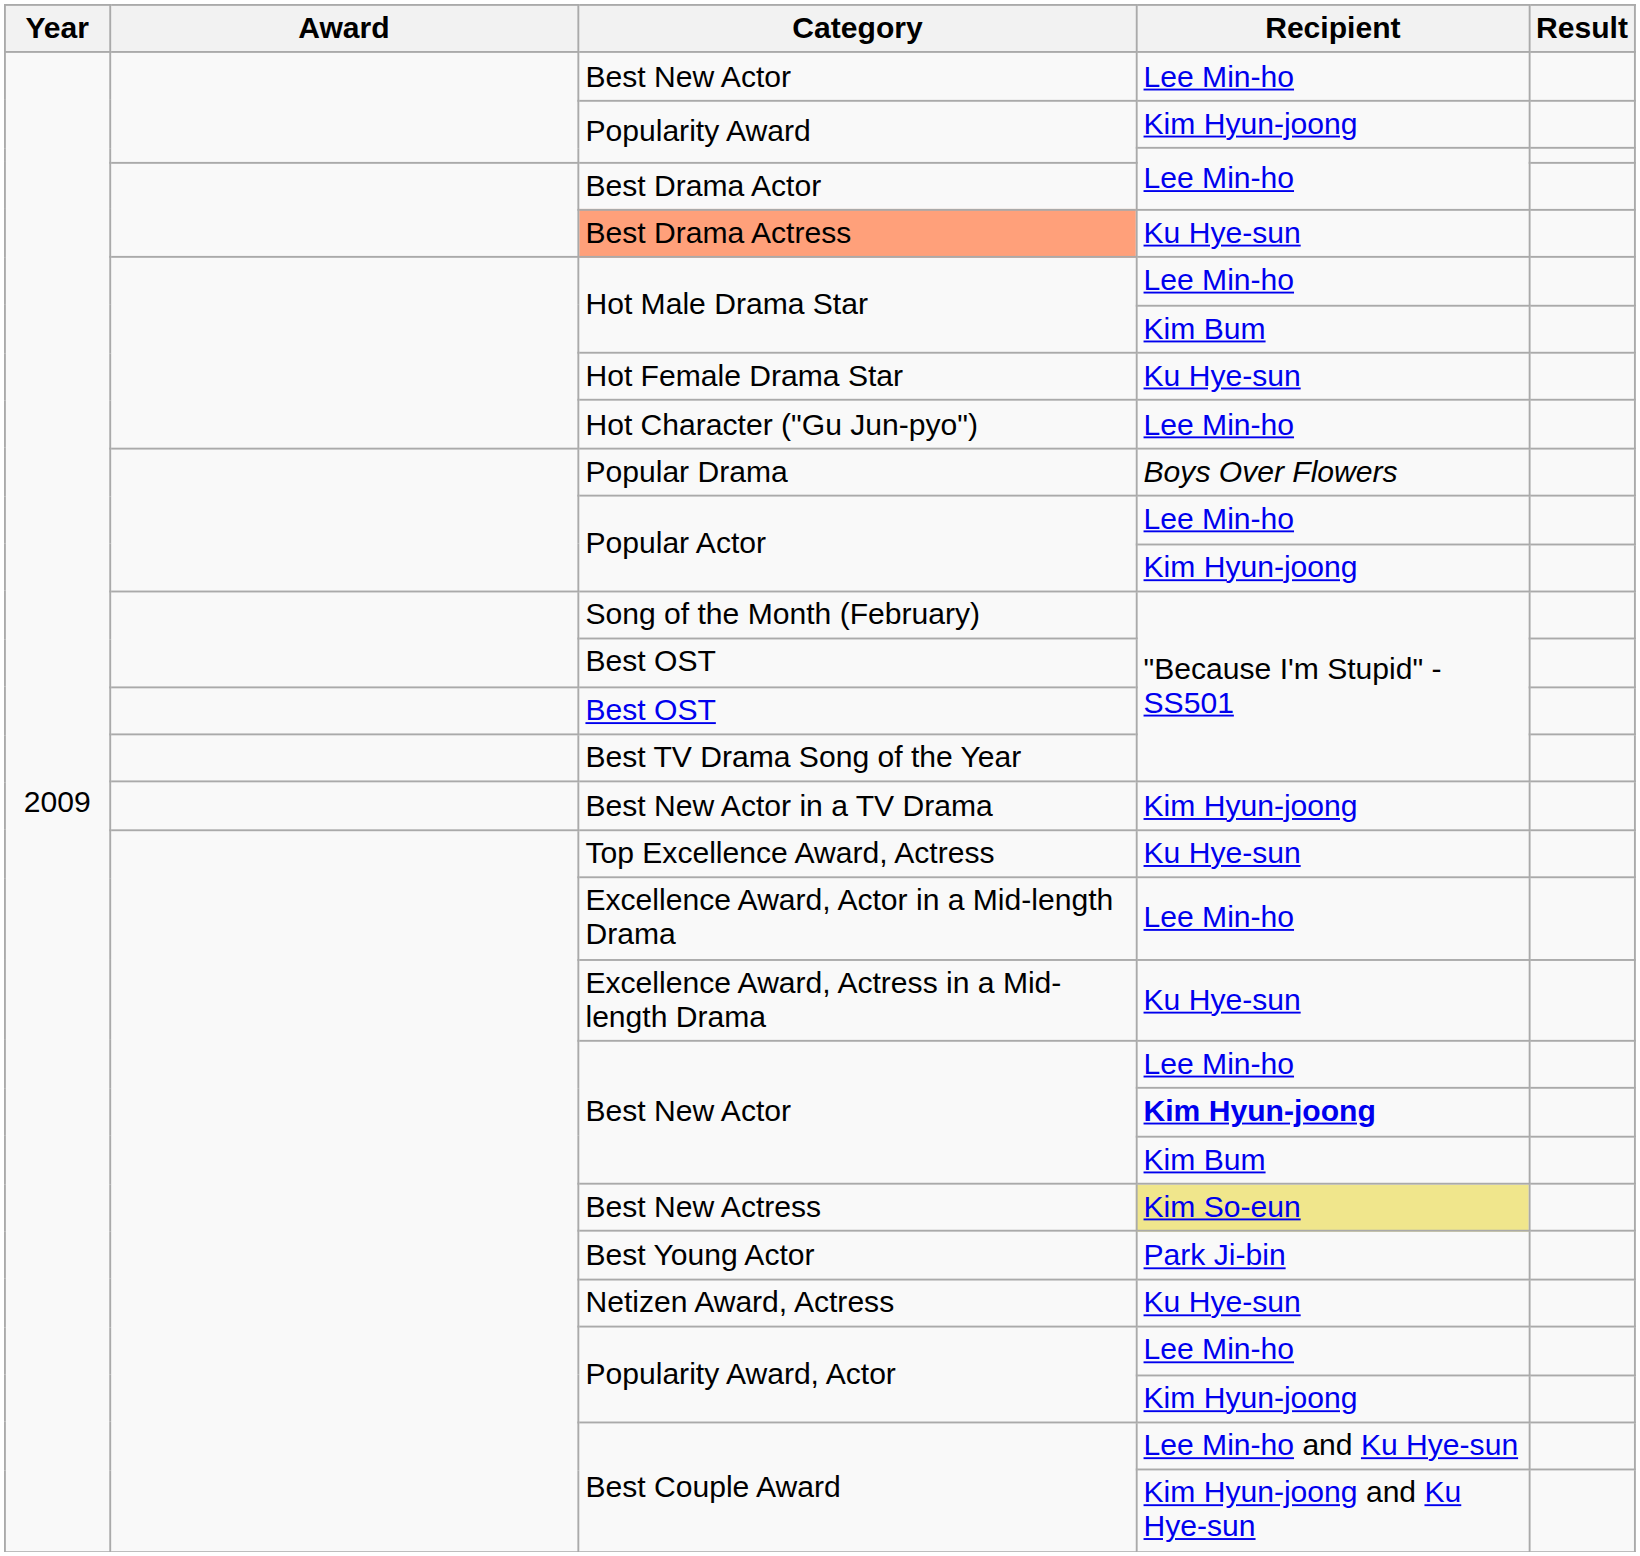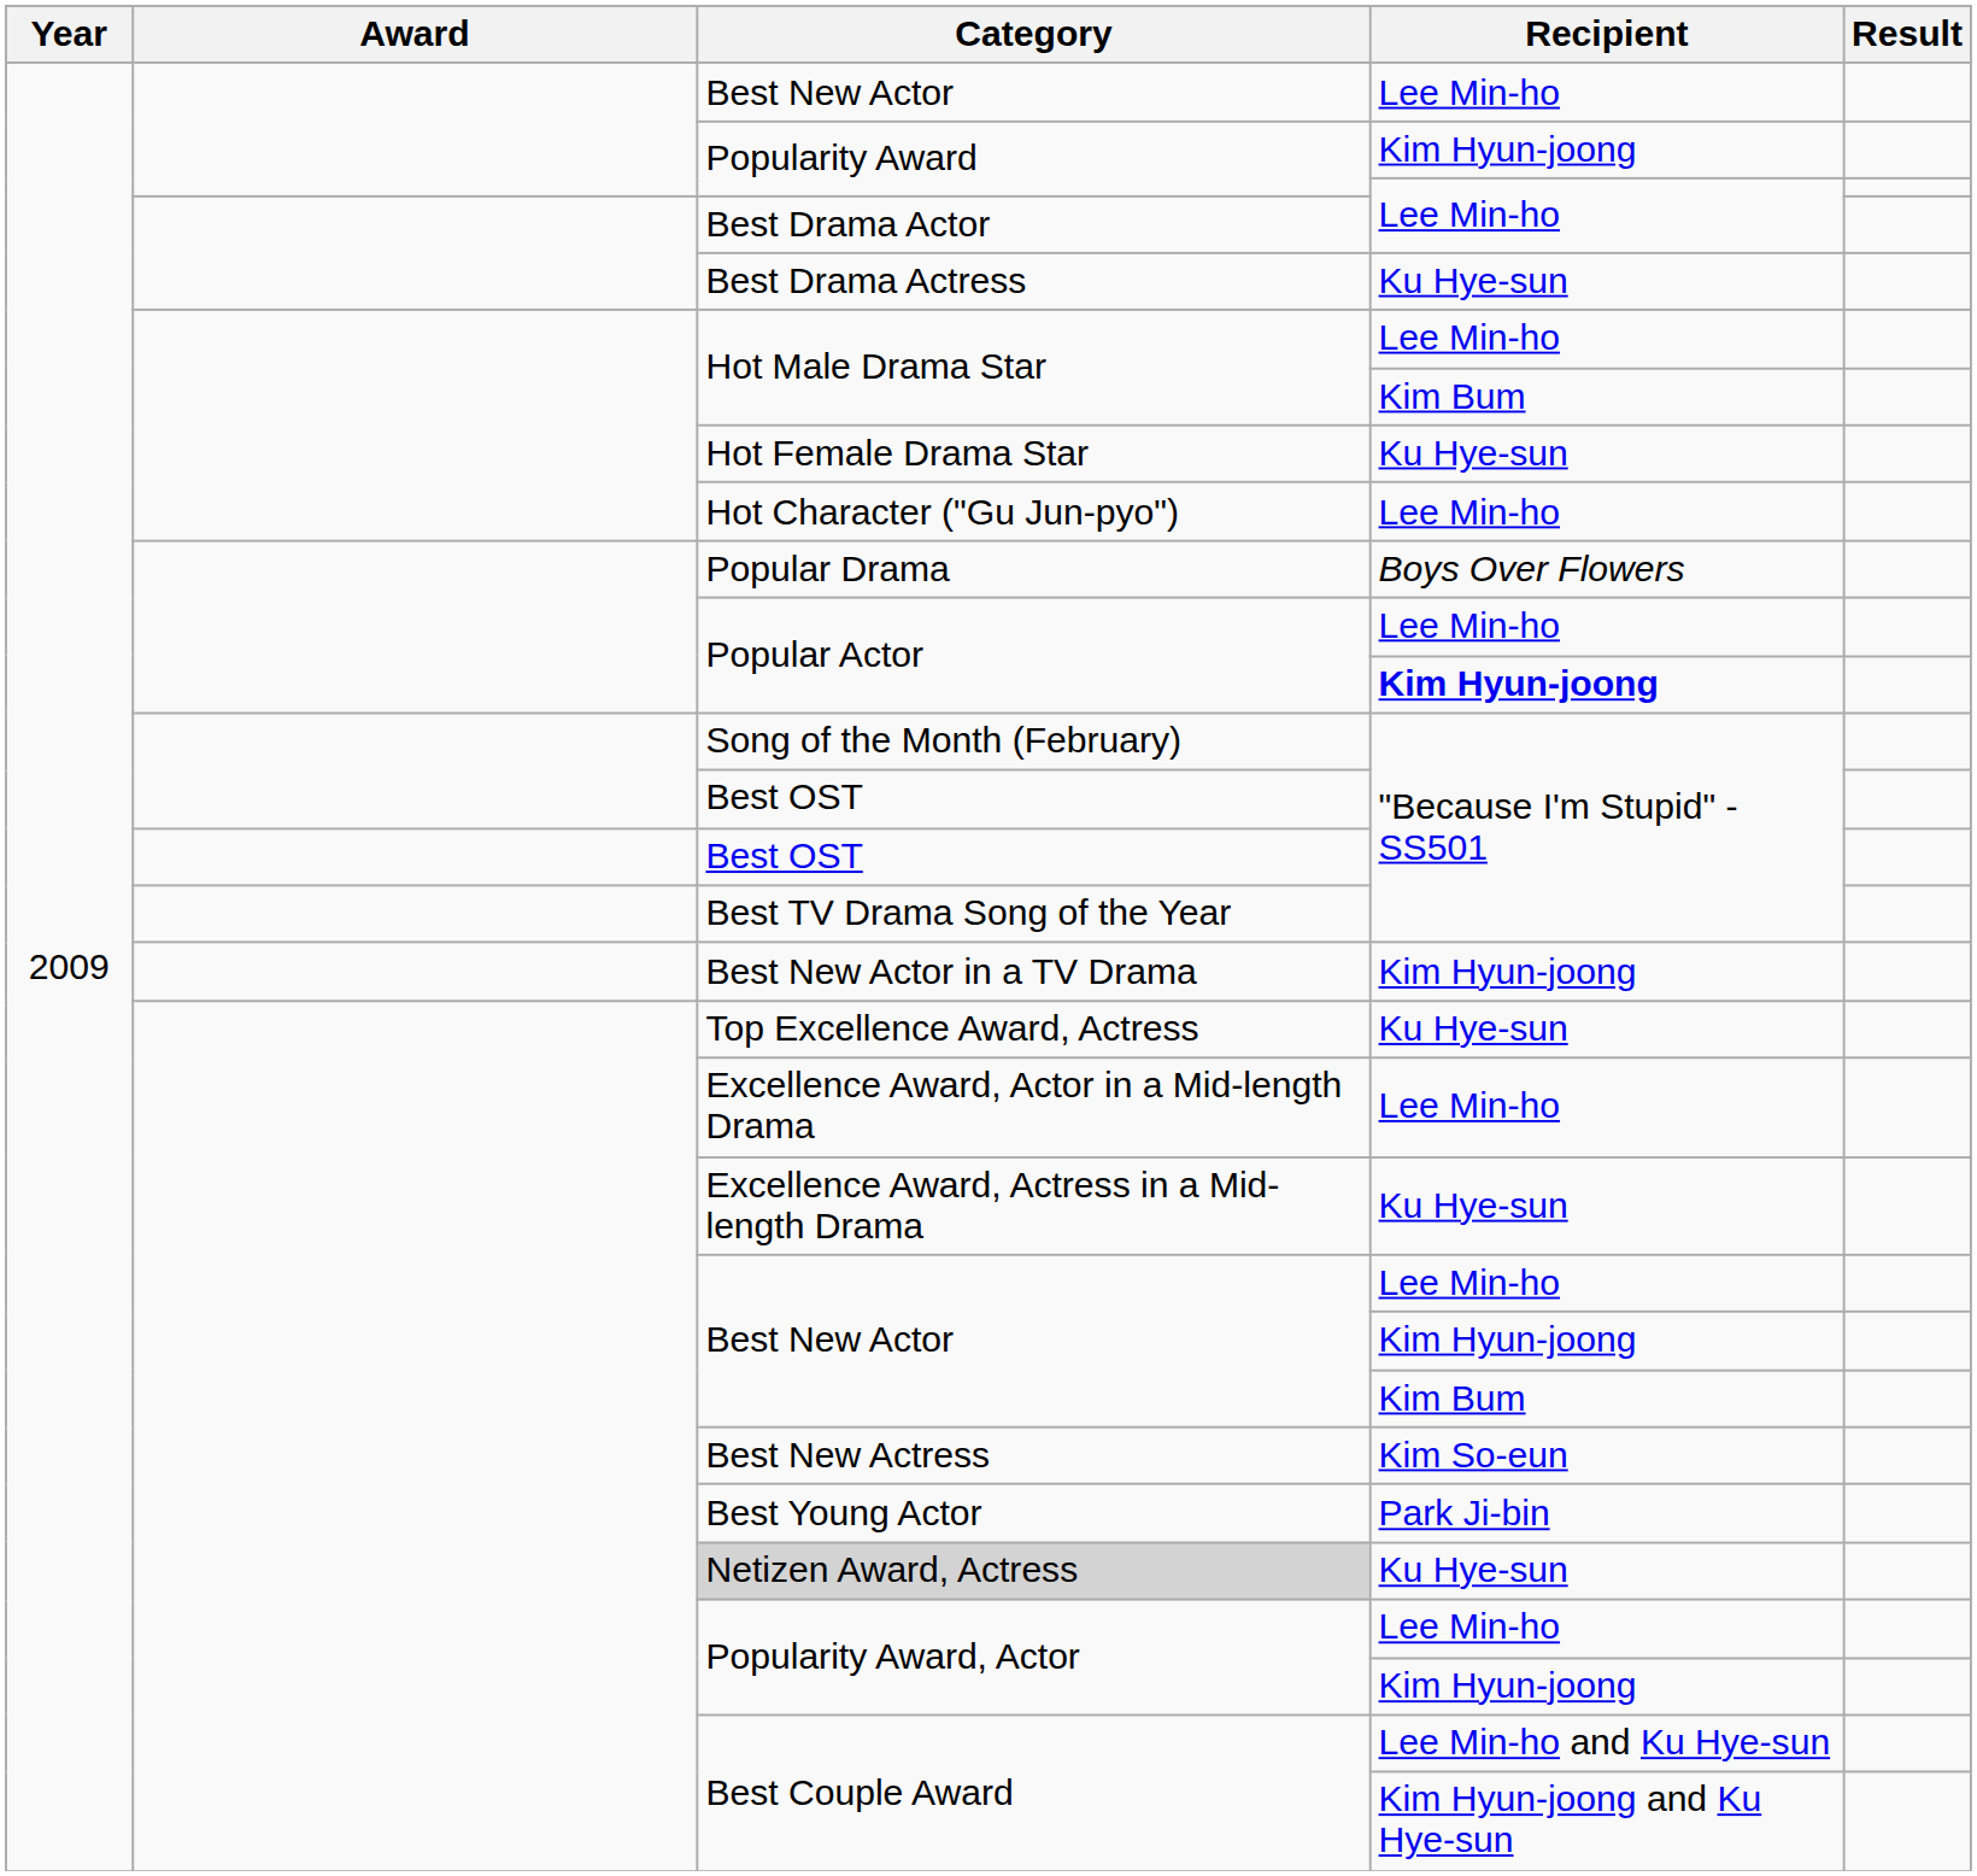 <table class="wikitable">
 <tr>
 <th style="width:50px;">Year</th>
 <th style="width:270px;">Award</th>
 <th style="width:320px;">Category</th>
 <th style="width:220px;">Recipient</th>
 <th>Result</th>
 </tr>
 <tr>
 <td rowspan="30" style="text-align:center">2009</td>
 <td rowspan="3"></td>
 <td>Best New Actor</td>
 <td><a href='#'>Lee Min-ho</a></td>
 <td></td>
 </tr>
 <tr>
 <td rowspan="2">Popularity Award</td>
 <td><a href='#'>Kim Hyun-joong</a></td>
 <td></td>
 </tr>
 <tr>
 <td rowspan="2"><a href='#'>Lee Min-ho</a></td>
 <td></td>
 </tr>
 <tr>
 <td rowspan="2"></td>
 <td>Best Drama Actor</td>
 <td></td>
 </tr>
 <tr>
-<td style="background: lightsalmon;">Best Drama Actress</td>
+<td>Best Drama Actress</td>
 <td><a href='#'>Ku Hye-sun</a></td>
 <td></td>
 </tr>
 <tr>
 <td rowspan="4"></td>
 <td rowspan="2">Hot Male Drama Star</td>
 <td><a href='#'>Lee Min-ho</a></td>
 <td></td>
 </tr>
 <tr>
 <td><a href='#'>Kim Bum</a></td>
 <td></td>
 </tr>
 <tr>
 <td>Hot Female Drama Star</td>
 <td><a href='#'>Ku Hye-sun</a></td>
 <td></td>
 </tr>
 <tr>
 <td>Hot Character ("Gu Jun-pyo")</td>
 <td><a href='#'>Lee Min-ho</a></td>
 <td></td>
 </tr>
 <tr>
 <td rowspan="3"></td>
 <td>Popular Drama</td>
 <td><em>Boys Over Flowers</em></td>
 <td></td>
 </tr>
 <tr>
 <td rowspan="2">Popular Actor</td>
 <td><a href='#'>Lee Min-ho</a></td>
 <td></td>
 </tr>
 <tr>
-<td><a href='#'>Kim Hyun-joong</a></td>
+<td><strong><a href='#'>Kim Hyun-joong</a></strong></td>
 <td></td>
 </tr>
 <tr>
 <td rowspan="2"></td>
 <td>Song of the Month (February)</td>
 <td rowspan="4">"Because I'm Stupid" - <a href='#'>SS501</a></td>
 <td></td>
 </tr>
 <tr>
 <td>Best OST</td>
 <td></td>
 </tr>
 <tr>
 <td></td>
 <td><a href='#'>Best OST</a></td>
 <td></td>
 </tr>
 <tr>
 <td></td>
 <td>Best TV Drama Song of the Year</td>
 <td></td>
 </tr>
 <tr>
 <td></td>
 <td>Best New Actor in a TV Drama</td>
 <td><a href='#'>Kim Hyun-joong</a></td>
 <td></td>
 </tr>
 <tr>
 <td rowspan="13"></td>
 <td>Top Excellence Award, Actress</td>
 <td><a href='#'>Ku Hye-sun</a></td>
 <td></td>
 </tr>
 <tr>
 <td>Excellence Award, Actor in a Mid-length Drama</td>
 <td><a href='#'>Lee Min-ho</a></td>
 <td></td>
 </tr>
 <tr>
 <td>Excellence Award, Actress in a Mid-length Drama</td>
 <td><a href='#'>Ku Hye-sun</a></td>
 <td></td>
 </tr>
 <tr>
 <td rowspan="3">Best New Actor</td>
 <td><a href='#'>Lee Min-ho</a></td>
 <td></td>
 </tr>
 <tr>
-<td><strong><a href='#'>Kim Hyun-joong</a></strong></td>
+<td><a href='#'>Kim Hyun-joong</a></td>
 <td></td>
 </tr>
 <tr>
 <td><a href='#'>Kim Bum</a></td>
 <td></td>
 </tr>
 <tr>
 <td>Best New Actress</td>
-<td style="background: khaki;"><a href='#'>Kim So-eun</a></td>
+<td><a href='#'>Kim So-eun</a></td>
 <td></td>
 </tr>
 <tr>
 <td>Best Young Actor</td>
 <td><a href='#'>Park Ji-bin</a></td>
 <td></td>
 </tr>
 <tr>
-<td>Netizen Award, Actress</td>
+<td style="background: lightgrey;">Netizen Award, Actress</td>
 <td><a href='#'>Ku Hye-sun</a></td>
 <td></td>
 </tr>
 <tr>
 <td rowspan="2">Popularity Award, Actor</td>
 <td><a href='#'>Lee Min-ho</a></td>
 <td></td>
 </tr>
 <tr>
 <td><a href='#'>Kim Hyun-joong</a></td>
 <td></td>
 </tr>
 <tr>
 <td rowspan="2">Best Couple Award</td>
 <td><a href='#'>Lee Min-ho</a> and <a href='#'>Ku Hye-sun</a></td>
 <td></td>
 </tr>
 <tr>
 <td><a href='#'>Kim Hyun-joong</a> and <a href='#'>Ku Hye-sun</a></td>
 <td></td>
 </tr>
 </table>
